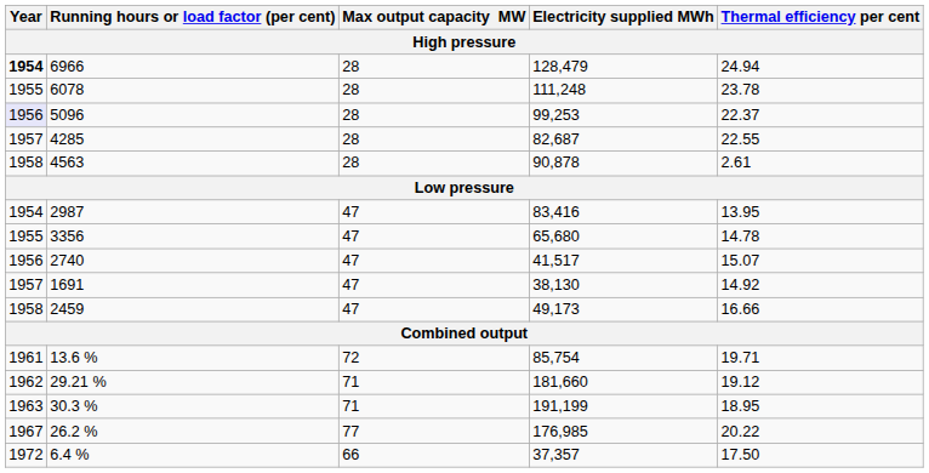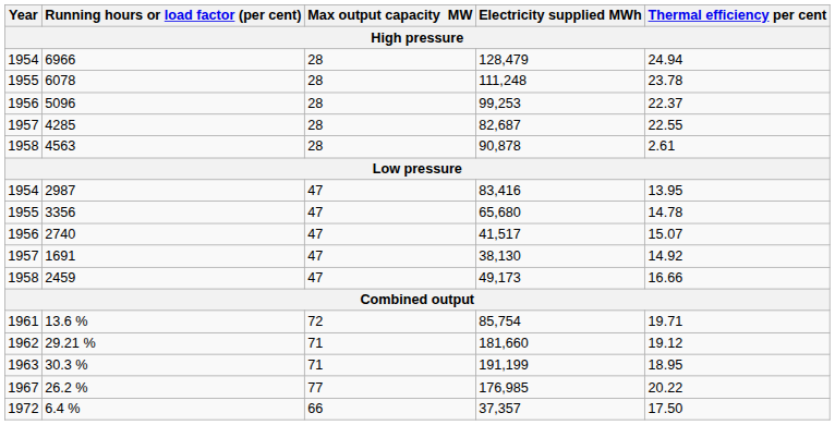 <table class="wikitable">
 <tr>
 <th>Year</th>
 <th>Running hours or <a href='#'>load factor</a> (per cent)</th>
 <th>Max output capacity  MW</th>
 <th>Electricity supplied MWh</th>
 <th><a href='#'>Thermal efficiency</a> per cent</th>
 </tr>
 <tr>
 <th colspan="5">High pressure</th>
 </tr>
 <tr>
-<td><strong>1954</strong></td>
+<td>1954</td>
 <td>6966</td>
 <td>28</td>
 <td>128,479</td>
 <td>24.94</td>
 </tr>
 <tr>
 <td>1955</td>
 <td>6078</td>
 <td>28</td>
 <td>111,248</td>
 <td>23.78</td>
 </tr>
 <tr>
-<td style="background: lavender;">1956</td>
+<td>1956</td>
 <td>5096</td>
 <td>28</td>
 <td>99,253</td>
 <td>22.37</td>
 </tr>
 <tr>
 <td>1957</td>
 <td>4285</td>
 <td>28</td>
 <td>82,687</td>
 <td>22.55</td>
 </tr>
 <tr>
 <td>1958</td>
 <td>4563</td>
 <td>28</td>
 <td>90,878</td>
 <td>2.61</td>
 </tr>
 <tr>
 <th colspan="5">Low pressure</th>
 </tr>
 <tr>
 <td>1954</td>
 <td>2987</td>
 <td>47</td>
 <td>83,416</td>
 <td>13.95</td>
 </tr>
 <tr>
 <td>1955</td>
 <td>3356</td>
 <td>47</td>
 <td>65,680</td>
 <td>14.78</td>
 </tr>
 <tr>
 <td>1956</td>
 <td>2740</td>
 <td>47</td>
 <td>41,517</td>
 <td>15.07</td>
 </tr>
 <tr>
 <td>1957</td>
 <td>1691</td>
 <td>47</td>
 <td>38,130</td>
 <td>14.92</td>
 </tr>
 <tr>
 <td>1958</td>
 <td>2459</td>
 <td>47</td>
 <td>49,173</td>
 <td>16.66</td>
 </tr>
 <tr>
 <th colspan="5">Combined output</th>
 </tr>
 <tr>
 <td>1961</td>
 <td>13.6 %</td>
 <td>72</td>
 <td>85,754</td>
 <td>19.71</td>
 </tr>
 <tr>
 <td>1962</td>
 <td>29.21 %</td>
 <td>71</td>
 <td>181,660</td>
 <td>19.12</td>
 </tr>
 <tr>
 <td>1963</td>
 <td>30.3 %</td>
 <td>71</td>
 <td>191,199</td>
 <td>18.95</td>
 </tr>
 <tr>
 <td>1967</td>
 <td>26.2 %</td>
 <td>77</td>
 <td>176,985</td>
 <td>20.22</td>
 </tr>
 <tr>
 <td>1972</td>
 <td>6.4 %</td>
 <td>66</td>
 <td>37,357</td>
 <td>17.50</td>
 </tr>
 </table>
